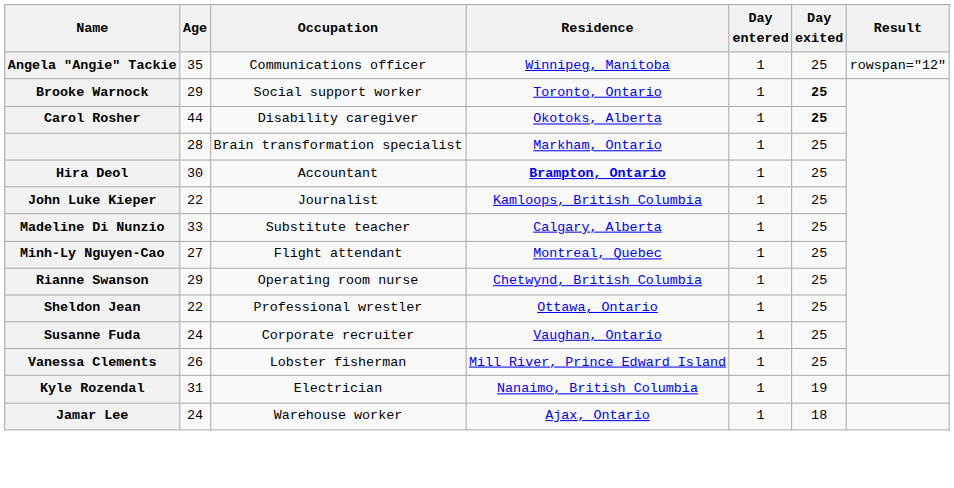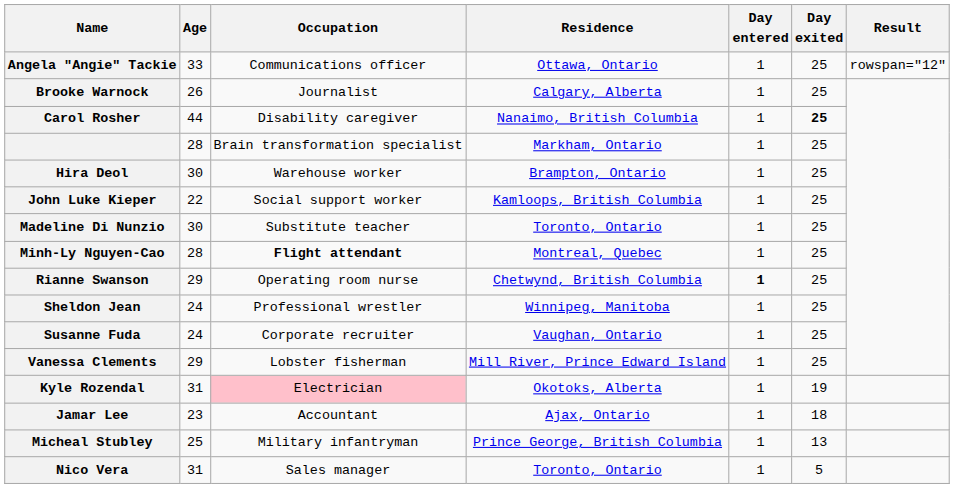 <table class="wikitable sortable" style="text-align:center; line-height:20px; width:auto; margin:auto;" >
 <tr>
 <th>Name</th>
 <th scope="col">Age</th>
 <th scope="col" class="unsortable">Occupation</th>
 <th scope="col">Residence</th>
 <th scope="col" class="unsortable">Day<br>entered</th>
 <th scope="col">Day<br>exited</th>
 <th scope="col">Result</th>
 </tr>
 <tr>
 <th>Angela "Angie" Tackie</th>
-<td>35</td>
+<td>33</td>
 <td>Communications officer</td>
-<td><a href='#'>Winnipeg, Manitoba</a></td>
+<td><a href='#'>Ottawa, Ontario</a></td>
 <td>1</td>
 <td>25</td>
 <td>rowspan="12" </td>
 </tr>
 <tr>
 <th>Brooke Warnock</th>
-<td>29</td>
-<td>Social support worker</td>
-<td><a href='#'>Toronto, Ontario</a></td>
+<td>26</td>
+<td>Journalist</td>
+<td><a href='#'>Calgary, Alberta</a></td>
 <td>1</td>
-<td><strong>25</strong></td>
+<td>25</td>
 </tr>
 <tr>
 <th>Carol Rosher</th>
 <td>44</td>
 <td>Disability caregiver</td>
-<td><a href='#'>Okotoks, Alberta</a></td>
+<td><a href='#'>Nanaimo, British Columbia</a></td>
 <td>1</td>
 <td><strong>25</strong></td>
 </tr>
 <tr>
 <th></th>
 <td>28</td>
 <td>Brain transformation specialist</td>
 <td><a href='#'>Markham, Ontario</a></td>
 <td>1</td>
 <td>25</td>
 </tr>
 <tr>
 <th>Hira Deol</th>
 <td>30</td>
-<td>Accountant</td>
-<td><strong><a href='#'>Brampton, Ontario</a></strong></td>
+<td>Warehouse worker</td>
+<td><a href='#'>Brampton, Ontario</a></td>
 <td>1</td>
 <td>25</td>
 </tr>
 <tr>
 <th>John Luke Kieper</th>
 <td>22</td>
-<td>Journalist</td>
+<td>Social support worker</td>
 <td><a href='#'>Kamloops, British Columbia</a></td>
 <td>1</td>
 <td>25</td>
 </tr>
 <tr>
 <th>Madeline Di Nunzio</th>
-<td>33</td>
+<td>30</td>
 <td>Substitute teacher</td>
-<td><a href='#'>Calgary, Alberta</a></td>
+<td><a href='#'>Toronto, Ontario</a></td>
 <td>1</td>
 <td>25</td>
 </tr>
 <tr>
 <th>Minh-Ly Nguyen-Cao</th>
-<td>27</td>
-<td>Flight attendant</td>
+<td>28</td>
+<td><strong>Flight attendant</strong></td>
 <td><a href='#'>Montreal, Quebec</a></td>
 <td>1</td>
 <td>25</td>
 </tr>
 <tr>
 <th>Rianne Swanson</th>
 <td>29</td>
 <td>Operating room nurse</td>
 <td><a href='#'>Chetwynd, British Columbia</a></td>
-<td>1</td>
+<td><strong>1</strong></td>
 <td>25</td>
 </tr>
 <tr>
 <th>Sheldon Jean</th>
-<td>22</td>
+<td>24</td>
 <td>Professional wrestler</td>
-<td><a href='#'>Ottawa, Ontario</a></td>
+<td><a href='#'>Winnipeg, Manitoba</a></td>
 <td>1</td>
 <td>25</td>
 </tr>
 <tr>
 <th>Susanne Fuda</th>
 <td>24</td>
 <td>Corporate recruiter</td>
 <td><a href='#'>Vaughan, Ontario</a></td>
 <td>1</td>
 <td>25</td>
 </tr>
 <tr>
 <th>Vanessa Clements</th>
-<td>26</td>
+<td>29</td>
 <td>Lobster fisherman</td>
 <td><a href='#'>Mill River, Prince Edward Island</a></td>
 <td>1</td>
 <td>25</td>
 </tr>
 <tr>
 <th>Kyle Rozendal</th>
 <td>31</td>
-<td>Electrician</td>
-<td><a href='#'>Nanaimo, British Columbia</a></td>
+<td style="background: pink;">Electrician</td>
+<td><a href='#'>Okotoks, Alberta</a></td>
 <td>1</td>
 <td>19</td>
 <td></td>
 </tr>
 <tr>
 <th>Jamar Lee</th>
-<td>24</td>
-<td>Warehouse worker</td>
+<td>23</td>
+<td>Accountant</td>
 <td><a href='#'>Ajax, Ontario</a></td>
 <td>1</td>
 <td>18</td>
 <td></td>
 </tr>
+<tr>
+<th>Micheal Stubley</th>
+<td>25</td>
+<td>Military infantryman</td>
+<td><a href='#'>Prince George, British Columbia</a></td>
+<td>1</td>
+<td>13</td>
+<td></td>
+</tr>
+<tr>
+<th>Nico Vera</th>
+<td>31</td>
+<td>Sales manager</td>
+<td><a href='#'>Toronto, Ontario</a></td>
+<td>1</td>
+<td>5</td>
+<td></td>
+</tr>
 </table>
